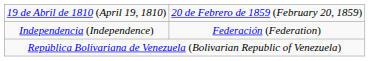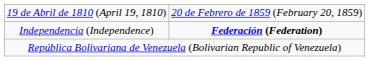 <table class="wikitable">
 <tr>
 <td align="center"><em><a href='#'>19 de Abril de 1810</a></em> (<em>April 19, 1810</em>)</td>
 <td align="center"><em><a href='#'>20 de Febrero de 1859</a></em> (<em>February 20, 1859</em>)</td>
 </tr>
 <tr>
 <td align="center"><em><a href='#'>Independencia</a></em> (<em>Independence</em>)</td>
-<td align="center"><em><a href='#'>Federación</a></em> (<em>Federation</em>)</td>
+<td align="center"><strong><em><a href='#'>Federación</a></em> (<em>Federation</em>)</strong></td>
 </tr>
 <tr>
 <td align="center" colspan="2"><em><a href='#'>República Bolivariana de Venezuela</a></em> (<em>Bolivarian Republic of Venezuela</em>)</td>
 </tr>
 </table>
